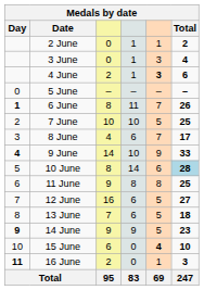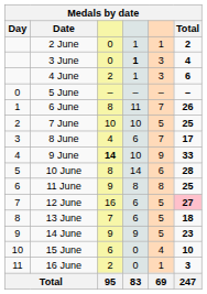 <table class="wikitable" style="font-size:90%; text-align:center;">
 <tr>
 <th colspan=6>Medals by date</th>
 </tr>
 <tr>
 <th width=30>Day</th>
 <th width=90>Date</th>
 <th width=30 style="background:#F7F6A8;"></th>
 <th width=30 style="background:#DCE5E5;"></th>
 <th width=30 style="background:#FFDAB9;"></th>
 <th width=30>Total</th>
 </tr>
 <tr>
 <td></td>
 <td>2 June</td>
 <td style="background:#F7F6A8;">0</td>
 <td style="background:#DCE5E5;">1</td>
 <td style="background:#FFDAB9;">1</td>
 <td><strong>2</strong></td>
 </tr>
 <tr>
 <td></td>
 <td>3 June</td>
 <td style="background:#F7F6A8;">0</td>
-<td style="background:#DCE5E5;">1</td>
+<td style="background:#DCE5E5;"><strong>1</strong></td>
 <td style="background:#FFDAB9;">3</td>
 <td><strong>4</strong></td>
 </tr>
 <tr>
 <td></td>
 <td>4 June</td>
 <td style="background:#F7F6A8;">2</td>
 <td style="background:#DCE5E5;">1</td>
-<td style="background:#FFDAB9;"><strong>3</strong></td>
+<td style="background:#FFDAB9;">3</td>
 <td><strong>6</strong></td>
 </tr>
 <tr>
 <td>0</td>
 <td>5 June</td>
 <td style="background:#F7F6A8;">–</td>
 <td style="background:#DCE5E5;">–</td>
 <td style="background:#FFDAB9;">–</td>
 <td><strong>–</strong></td>
 </tr>
 <tr>
-<td><strong>1</strong></td>
+<td>1</td>
 <td>6 June</td>
 <td style="background:#F7F6A8;">8</td>
 <td style="background:#DCE5E5;">11</td>
 <td style="background:#FFDAB9;">7</td>
 <td><strong>26</strong></td>
 </tr>
 <tr>
 <td>2</td>
 <td>7 June</td>
 <td style="background:#F7F6A8;">10</td>
 <td style="background:#DCE5E5;">10</td>
 <td style="background:#FFDAB9;">5</td>
 <td><strong>25</strong></td>
 </tr>
 <tr>
 <td>3</td>
 <td>8 June</td>
 <td style="background:#F7F6A8;">4</td>
 <td style="background:#DCE5E5;">6</td>
 <td style="background:#FFDAB9;">7</td>
 <td><strong>17</strong></td>
 </tr>
 <tr>
-<td><strong>4</strong></td>
+<td>4</td>
 <td>9 June</td>
-<td style="background:#F7F6A8;">14</td>
+<td style="background:#F7F6A8;"><strong>14</strong></td>
 <td style="background:#DCE5E5;">10</td>
 <td style="background:#FFDAB9;">9</td>
 <td><strong>33</strong></td>
 </tr>
 <tr>
 <td>5</td>
 <td>10 June</td>
 <td style="background:#F7F6A8;">8</td>
 <td style="background:#DCE5E5;">14</td>
 <td style="background:#FFDAB9;">6</td>
-<td style="background: lightblue;"><strong>28</strong></td>
+<td><strong>28</strong></td>
 </tr>
 <tr>
 <td>6</td>
 <td>11 June</td>
 <td style="background:#F7F6A8;">9</td>
 <td style="background:#DCE5E5;">8</td>
 <td style="background:#FFDAB9;">8</td>
 <td><strong>25</strong></td>
 </tr>
 <tr>
 <td>7</td>
 <td>12 June</td>
 <td style="background:#F7F6A8;">16</td>
 <td style="background:#DCE5E5;">6</td>
 <td style="background:#FFDAB9;">5</td>
-<td><strong>27</strong></td>
+<td style="background: pink;"><strong>27</strong></td>
 </tr>
 <tr>
 <td>8</td>
 <td>13 June</td>
 <td style="background:#F7F6A8;">7</td>
 <td style="background:#DCE5E5;">6</td>
 <td style="background:#FFDAB9;">5</td>
 <td><strong>18</strong></td>
 </tr>
 <tr>
-<td><strong>9</strong></td>
+<td>9</td>
 <td>14 June</td>
 <td style="background:#F7F6A8;">9</td>
 <td style="background:#DCE5E5;">9</td>
 <td style="background:#FFDAB9;">5</td>
 <td><strong>23</strong></td>
 </tr>
 <tr>
 <td>10</td>
 <td>15 June</td>
 <td style="background:#F7F6A8;">6</td>
 <td style="background:#DCE5E5;">0</td>
-<td style="background:#FFDAB9;"><strong>4</strong></td>
+<td style="background:#FFDAB9;">4</td>
 <td><strong>10</strong></td>
 </tr>
 <tr>
-<td><strong>11</strong></td>
+<td>11</td>
 <td>16 June</td>
 <td style="background:#F7F6A8;">2</td>
 <td style="background:#DCE5E5;">0</td>
 <td style="background:#FFDAB9;">1</td>
 <td><strong>3</strong></td>
 </tr>
 <tr class="sortbottom">
 <th colspan="2">Total</th>
 <th>95</th>
 <th>83</th>
 <th>69</th>
 <th>247</th>
 </tr>
 </table>
